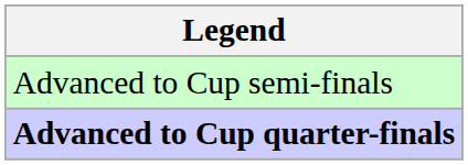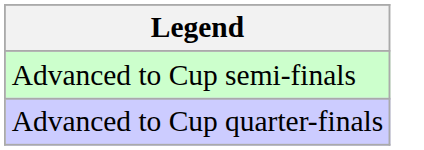 <table class="wikitable">
 <tr>
 <th>Legend</th>
 </tr>
 <tr bgcolor=ccffcc>
 <td>Advanced to Cup semi-finals</td>
 </tr>
 <tr bgcolor=ccccff>
-<td><strong>Advanced to Cup quarter-finals</strong></td>
+<td>Advanced to Cup quarter-finals</td>
 </tr>
 </table>
